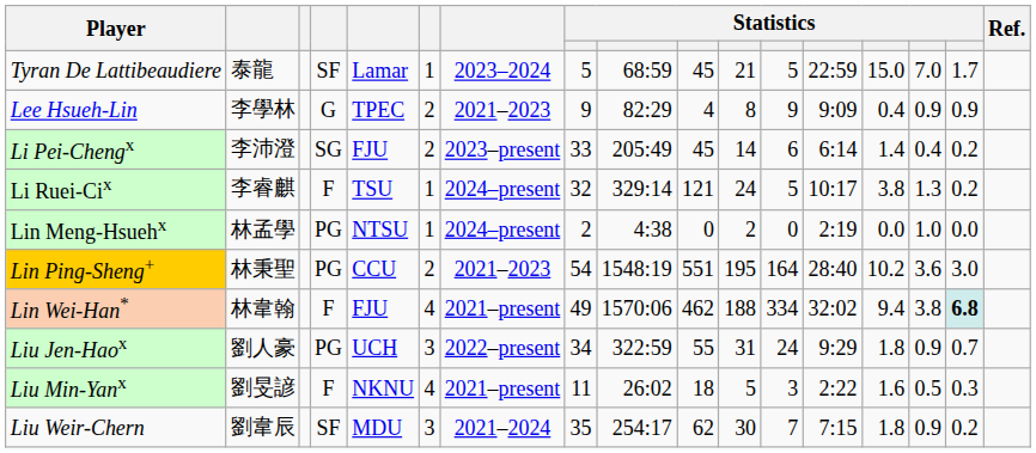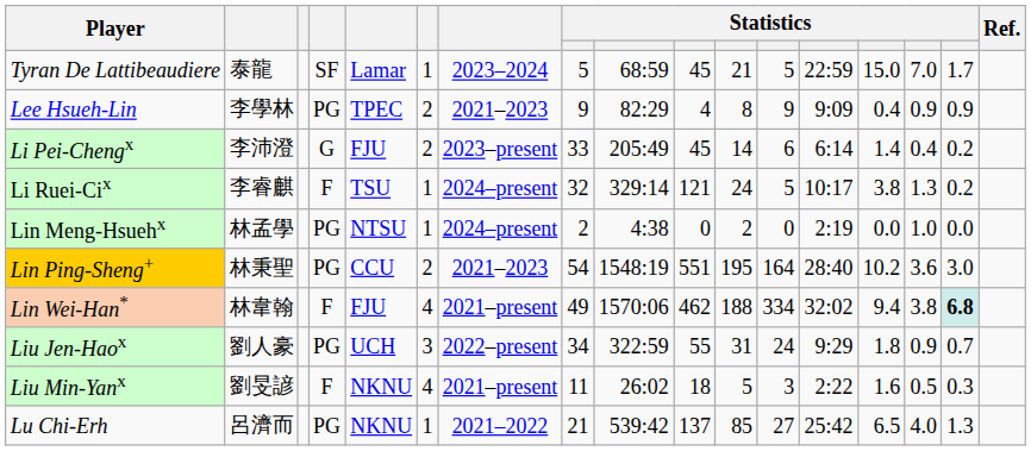 <table class="wikitable sortable" style="font-size:95%; text-align:right;">
 <tr>
 <th rowspan="2">Player</th>
 <th rowspan="2"></th>
 <th rowspan="2"></th>
 <th rowspan="2"></th>
 <th rowspan="2"></th>
 <th rowspan="2"></th>
 <th rowspan="2"></th>
 <th colspan="9">Statistics</th>
 <th rowspan="2">Ref.</th>
 </tr>
 <tr>
 <th></th>
 <th></th>
 <th></th>
 <th></th>
 <th></th>
 <th></th>
 <th></th>
 <th></th>
 <th></th>
 </tr>
 <tr>
 <td align="left"><em>Tyran De Lattibeaudiere</em></td>
 <td align="left">泰龍</td>
 <td align="center"></td>
 <td align="center">SF</td>
 <td align="left"><a href='#'>Lamar</a></td>
 <td align="center">1</td>
 <td align="center"><a href='#'>2023–2024</a></td>
 <td>5</td>
 <td>68:59</td>
 <td>45</td>
 <td>21</td>
 <td>5</td>
 <td>22:59</td>
 <td>15.0</td>
 <td>7.0</td>
 <td>1.7</td>
 <td align="center"></td>
 </tr>
 <tr>
 <td align="left"><em><a href='#'>Lee Hsueh-Lin</a></em></td>
 <td align="left">李學林</td>
 <td align="center"></td>
-<td align="center">G</td>
+<td align="center">PG</td>
 <td align="left"><a href='#'>TPEC</a></td>
 <td align="center">2</td>
 <td align="center"><a href='#'>2021</a>–<a href='#'>2023</a></td>
 <td>9</td>
 <td>82:29</td>
 <td>4</td>
 <td>8</td>
 <td>9</td>
 <td>9:09</td>
 <td>0.4</td>
 <td>0.9</td>
 <td>0.9</td>
 <td align="center"></td>
 </tr>
 <tr>
 <td align="left" bgcolor="#CCFFCC"><em>Li Pei-Cheng</em><sup>x</sup></td>
 <td align="left">李沛澄</td>
 <td align="center"></td>
-<td align="center">SG</td>
+<td align="center">G</td>
 <td align="left"><a href='#'>FJU</a></td>
 <td align="center">2</td>
 <td align="center"><a href='#'>2023</a>–<a href='#'>present</a></td>
 <td>33</td>
 <td>205:49</td>
 <td>45</td>
 <td>14</td>
 <td>6</td>
 <td>6:14</td>
 <td>1.4</td>
 <td>0.4</td>
 <td>0.2</td>
 <td align="center"></td>
 </tr>
 <tr>
 <td align="left" bgcolor="#CCFFCC">Li Ruei-Ci<sup>x</sup></td>
 <td align="left">李睿麒</td>
 <td align="center"></td>
 <td align="center">F</td>
 <td align="left"><a href='#'>TSU</a></td>
 <td align="center">1</td>
 <td align="center"><a href='#'>2024–present</a></td>
 <td>32</td>
 <td>329:14</td>
 <td>121</td>
 <td>24</td>
 <td>5</td>
 <td>10:17</td>
 <td>3.8</td>
 <td>1.3</td>
 <td>0.2</td>
 <td align="center"></td>
 </tr>
 <tr>
 <td align="left" bgcolor="#CCFFCC">Lin Meng-Hsueh<sup>x</sup></td>
 <td align="left">林孟學</td>
 <td align="center"></td>
 <td align="center">PG</td>
 <td align="left"><a href='#'>NTSU</a></td>
 <td align="center">1</td>
 <td align="center"><a href='#'>2024–present</a></td>
 <td>2</td>
 <td>4:38</td>
 <td>0</td>
 <td>2</td>
 <td>0</td>
 <td>2:19</td>
 <td>0.0</td>
 <td>1.0</td>
 <td>0.0</td>
 <td align="center"></td>
 </tr>
 <tr>
 <td align="left" bgcolor="#FFCC00"><em>Lin Ping-Sheng</em><sup>+</sup></td>
 <td align="left">林秉聖</td>
 <td align="center"></td>
 <td align="center">PG</td>
 <td align="left"><a href='#'>CCU</a></td>
 <td align="center">2</td>
 <td align="center"><a href='#'>2021</a>–<a href='#'>2023</a></td>
 <td>54</td>
 <td>1548:19</td>
 <td>551</td>
 <td>195</td>
 <td>164</td>
 <td>28:40</td>
 <td>10.2</td>
 <td>3.6</td>
 <td>3.0</td>
 <td align="center"></td>
 </tr>
 <tr>
 <td align="left" bgcolor="#FBCEB1"><em>Lin Wei-Han</em><sup>*</sup></td>
 <td align="left">林韋翰</td>
 <td align="center"></td>
 <td align="center">F</td>
 <td align="left"><a href='#'>FJU</a></td>
 <td align="center">4</td>
 <td align="center"><a href='#'>2021</a>–<a href='#'>present</a></td>
 <td>49</td>
 <td>1570:06</td>
 <td>462</td>
 <td>188</td>
 <td>334</td>
 <td>32:02</td>
 <td>9.4</td>
 <td>3.8</td>
 <td bgcolor="#CFECEC"><strong>6.8</strong></td>
 <td align="center"></td>
 </tr>
 <tr>
 <td align="left" bgcolor="#CCFFCC"><em>Liu Jen-Hao</em><sup>x</sup></td>
 <td align="left">劉人豪</td>
 <td align="center"></td>
 <td align="center">PG</td>
 <td align="left"><a href='#'>UCH</a></td>
 <td align="center">3</td>
 <td align="center"><a href='#'>2022</a>–<a href='#'>present</a></td>
 <td>34</td>
 <td>322:59</td>
 <td>55</td>
 <td>31</td>
 <td>24</td>
 <td>9:29</td>
 <td>1.8</td>
 <td>0.9</td>
 <td>0.7</td>
 <td align="center"></td>
 </tr>
 <tr>
 <td align="left" bgcolor="#CCFFCC"><em>Liu Min-Yan</em><sup>x</sup></td>
 <td align="left">劉旻諺</td>
 <td align="center"></td>
 <td align="center">F</td>
 <td align="left"><a href='#'>NKNU</a></td>
 <td align="center">4</td>
 <td align="center"><a href='#'>2021</a>–<a href='#'>present</a></td>
 <td>11</td>
 <td>26:02</td>
 <td>18</td>
 <td>5</td>
 <td>3</td>
 <td>2:22</td>
 <td>1.6</td>
 <td>0.5</td>
 <td>0.3</td>
 <td align="center"></td>
 </tr>
 <tr>
-<td align="left"><em>Liu Weir-Chern</em></td>
-<td align="left">劉韋辰</td>
+<td align="left"><em>Lu Chi-Erh</em></td>
+<td align="left">呂濟而</td>
 <td align="center"></td>
-<td align="center">SF</td>
-<td align="left"><a href='#'>MDU</a></td>
-<td align="center">3</td>
-<td align="center"><a href='#'>2021</a>–<a href='#'>2024</a></td>
-<td>35</td>
-<td>254:17</td>
-<td>62</td>
-<td>30</td>
-<td>7</td>
-<td>7:15</td>
-<td>1.8</td>
-<td>0.9</td>
-<td>0.2</td>
+<td align="center">PG</td>
+<td align="left"><a href='#'>NKNU</a></td>
+<td align="center">1</td>
+<td align="center"><a href='#'>2021–2022</a></td>
+<td>21</td>
+<td>539:42</td>
+<td>137</td>
+<td>85</td>
+<td>27</td>
+<td>25:42</td>
+<td>6.5</td>
+<td>4.0</td>
+<td>1.3</td>
 <td align="center"></td>
 </tr>
 </table>
